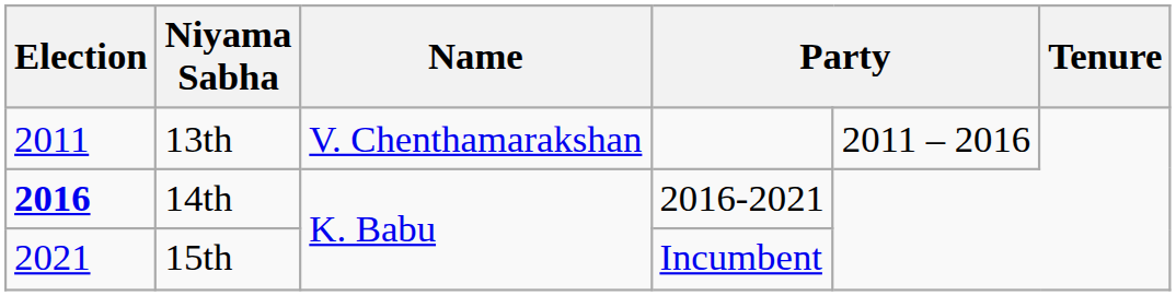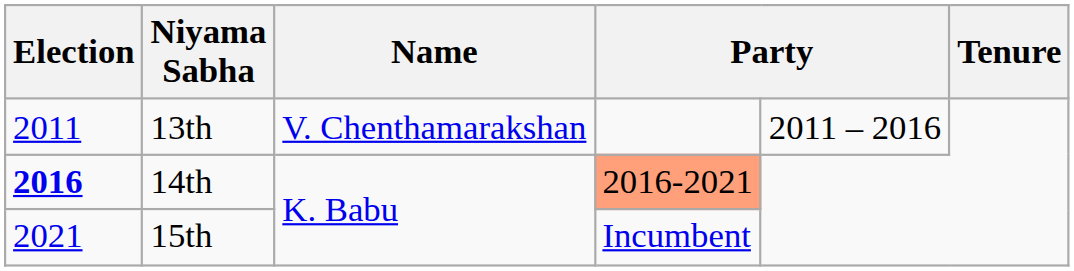 <table class="wikitable sortable">
 <tr>
 <th>Election</th>
 <th>Niyama<br>Sabha</th>
 <th>Name</th>
 <th colspan="2">Party</th>
 <th>Tenure</th>
 </tr>
 <tr>
 <td><a href='#'>2011</a></td>
 <td>13th</td>
 <td><a href='#'>V. Chenthamarakshan</a></td>
 <td></td>
 <td>2011 – 2016</td>
 </tr>
 <tr>
 <td><strong><a href='#'>2016</a></strong></td>
 <td>14th</td>
 <td rowspan=2><a href='#'>K. Babu</a></td>
-<td>2016-2021</td>
+<td style="background: lightsalmon;">2016-2021</td>
 </tr>
 <tr>
 <td><a href='#'>2021</a></td>
 <td>15th</td>
 <td><a href='#'>Incumbent</a></td>
 </tr>
 </table>
